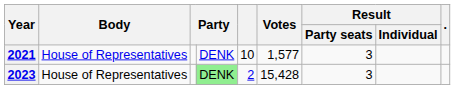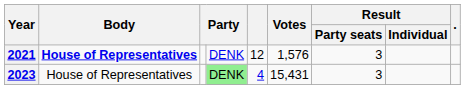 <table class="wikitable plainrowheaders sortable" border=2 cellpadding=4 cellspacing=0 style="border: 1px #aaa solid; font-size: 90%; text-align:center;">
 <tr>
 <th scope="col" rowspan=2>Year</th>
 <th scope="col" rowspan=2>Body</th>
 <th scope="col" colspan=2 rowspan=2>Party</th>
 <th scope="col" rowspan=2></th>
 <th scope="col" rowspan=2>Votes</th>
 <th scope="colgroup" colspan=2>Result</th>
 <th scope="col" rowspan=2 class="unsortable">.</th>
 </tr>
 <tr>
 <th scope="col">Party seats</th>
 <th scope="col">Individual</th>
 </tr>
 <tr>
 <th scope="row"><a href='#'>2021</a></th>
-<td><a href='#'>House of Representatives</a></td>
+<td><strong><a href='#'>House of Representatives</a></strong></td>
 <td style="background-color:"></td>
 <td><a href='#'>DENK</a></td>
-<td style=text-align:right>10</td>
-<td style=text-align:right>1,577</td>
+<td style=text-align:right>12</td>
+<td style=text-align:right>1,576</td>
 <td style=text-align:right>3</td>
 <td></td>
 <td></td>
 </tr>
 <tr>
 <th scope="row"><a href='#'>2023</a></th>
 <td>House of Representatives</td>
 <td style="background-color:"></td>
 <td style="background: lightgreen;">DENK</td>
-<td style=text-align:right><a href='#'>2</a></td>
-<td style=text-align:right>15,428</td>
+<td style=text-align:right><a href='#'>4</a></td>
+<td style=text-align:right>15,431</td>
 <td style=text-align:right>3</td>
 <td></td>
 <td></td>
 </tr>
 </table>
